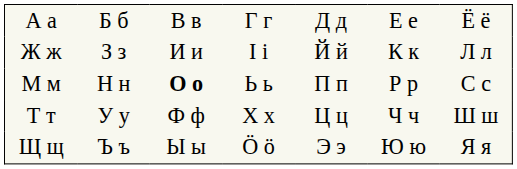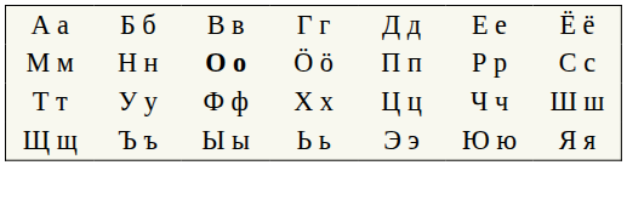 <table style="font-family:Arial Unicode MS; font-size:1.4em; border-color:#000000; border-width:1px; border-style:solid; border-collapse:collapse; background-color:#F8F8EF" summary="Thirty-five letters of the Permian alphabet, capital and small">
 <tr>
 <td style="width:3em; text-align:center; padding: 3px;">А а</td>
 <td style="width:3em; text-align:center; padding: 3px;">Б б</td>
 <td style="width:3em; text-align:center; padding: 3px;">В в</td>
 <td style="width:3em; text-align:center; padding: 3px;">Г г</td>
 <td style="width:3em; text-align:center; padding: 3px;">Д д</td>
 <td style="width:3em; text-align:center; padding: 3px;">Е е</td>
 <td style="width:3em; text-align:center; padding: 3px;">Ё ё</td>
 </tr>
 <tr>
-<td style="width:3em; text-align:center; padding: 3px;">Ж ж</td>
-<td style="width:3em; text-align:center; padding: 3px;">З з</td>
-<td style="width:3em; text-align:center; padding: 3px;">И и</td>
-<td style="width:3em; text-align:center; padding: 3px;">І і</td>
-<td style="width:3em; text-align:center; padding: 3px;">Й й</td>
-<td style="width:3em; text-align:center; padding: 3px;">К к</td>
-<td style="width:3em; text-align:center; padding: 3px;">Л л</td>
-</tr>
-<tr>
 <td style="width:3em; text-align:center; padding: 3px;">М м</td>
 <td style="width:3em; text-align:center; padding: 3px;">Н н</td>
 <td style="width:3em; text-align:center; padding: 3px;"><strong>О о</strong></td>
-<td style="width:3em; text-align:center; padding: 3px;">Ь ь</td>
+<td style="width:3em; text-align:center; padding: 3px;">Ӧ ӧ</td>
 <td style="width:3em; text-align:center; padding: 3px;">П п</td>
 <td style="width:3em; text-align:center; padding: 3px;">Р р</td>
 <td style="width:3em; text-align:center; padding: 3px;">С с</td>
 </tr>
 <tr>
 <td style="width:3em; text-align:center; padding: 3px;">Т т</td>
 <td style="width:3em; text-align:center; padding: 3px;">У у</td>
 <td style="width:3em; text-align:center; padding: 3px;">Ф ф</td>
 <td style="width:3em; text-align:center; padding: 3px;">Х х</td>
 <td style="width:3em; text-align:center; padding: 3px;">Ц ц</td>
 <td style="width:3em; text-align:center; padding: 3px;">Ч ч</td>
 <td style="width:3em; text-align:center; padding: 3px;">Ш ш</td>
 </tr>
 <tr>
 <td style="width:3em; text-align:center; padding: 3px;">Щ щ</td>
 <td style="width:3em; text-align:center; padding: 3px;">Ъ ъ</td>
 <td style="width:3em; text-align:center; padding: 3px;">Ы ы</td>
-<td style="width:3em; text-align:center; padding: 3px;">Ӧ ӧ</td>
+<td style="width:3em; text-align:center; padding: 3px;">Ь ь</td>
 <td style="width:3em; text-align:center; padding: 3px;">Э э</td>
 <td style="width:3em; text-align:center; padding: 3px;">Ю ю</td>
 <td style="width:3em; text-align:center; padding: 3px;">Я я</td>
 </tr>
 </table>
